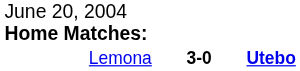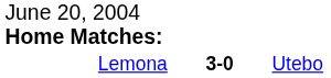 <table width=100% cellspacing=1>
 <tr>
 <th width=20%></th>
 <th width=12%></th>
 <th width=20%></th>
 <th></th>
 </tr>
 <tr>
 <td>June 20, 2004<br><strong>Home Matches:</strong></td>
 </tr>
 <tr style=font-size:90%>
 <td align=right><a href='#'>Lemona</a></td>
 <td align=center><strong>3-0</strong></td>
-<td><strong><a href='#'>Utebo</a></strong></td>
+<td><a href='#'>Utebo</a></td>
 </tr>
 </table>
